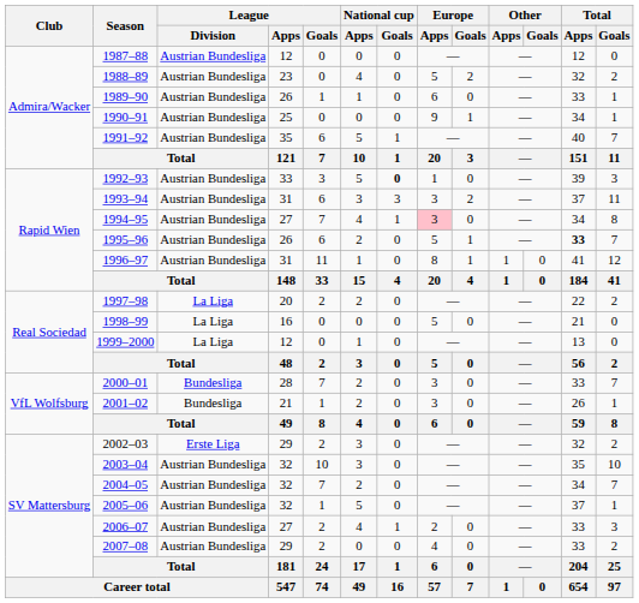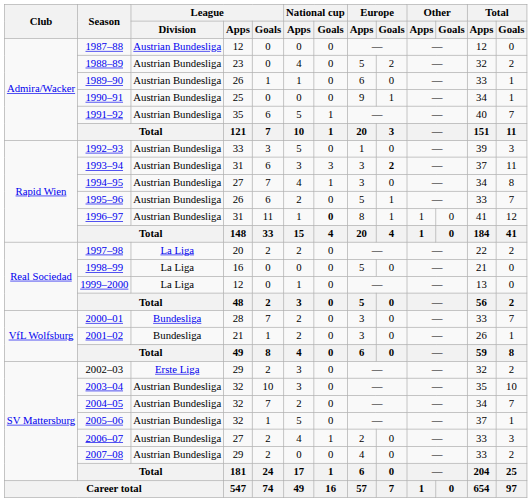 <table class="wikitable" style="text-align:center">
 <tr>
 <th rowspan="2">Club</th>
 <th rowspan="2">Season</th>
 <th colspan="3">League</th>
 <th colspan="2">National cup</th>
 <th colspan="2">Europe</th>
 <th colspan="2">Other</th>
 <th colspan="2">Total</th>
 </tr>
 <tr>
 <th>Division</th>
 <th>Apps</th>
 <th>Goals</th>
 <th>Apps</th>
 <th>Goals</th>
 <th>Apps</th>
 <th>Goals</th>
 <th>Apps</th>
 <th>Goals</th>
 <th>Apps</th>
 <th>Goals</th>
 </tr>
 <tr>
 <td rowspan="6"><a href='#'>Admira/Wacker</a></td>
 <td><a href='#'>1987–88</a></td>
 <td><a href='#'>Austrian Bundesliga</a></td>
 <td>12</td>
 <td>0</td>
 <td>0</td>
 <td>0</td>
 <td colspan="2">—</td>
 <td colspan="2">—</td>
 <td>12</td>
 <td>0</td>
 </tr>
 <tr>
 <td><a href='#'>1988–89</a></td>
 <td>Austrian Bundesliga</td>
 <td>23</td>
 <td>0</td>
 <td>4</td>
 <td>0</td>
 <td>5</td>
 <td>2</td>
 <td colspan="2">—</td>
 <td>32</td>
 <td>2</td>
 </tr>
 <tr>
 <td><a href='#'>1989–90</a></td>
 <td>Austrian Bundesliga</td>
 <td>26</td>
 <td>1</td>
 <td>1</td>
 <td>0</td>
 <td>6</td>
 <td>0</td>
 <td colspan="2">—</td>
 <td>33</td>
 <td>1</td>
 </tr>
 <tr>
 <td><a href='#'>1990–91</a></td>
 <td>Austrian Bundesliga</td>
 <td>25</td>
 <td>0</td>
 <td>0</td>
 <td>0</td>
 <td>9</td>
 <td>1</td>
 <td colspan="2">—</td>
 <td>34</td>
 <td>1</td>
 </tr>
 <tr>
 <td><a href='#'>1991–92</a></td>
 <td>Austrian Bundesliga</td>
 <td>35</td>
 <td>6</td>
 <td>5</td>
 <td>1</td>
 <td colspan="2">—</td>
 <td colspan="2">—</td>
 <td>40</td>
 <td>7</td>
 </tr>
 <tr>
 <th colspan="2">Total</th>
 <th>121</th>
 <th>7</th>
 <th>10</th>
 <th>1</th>
 <th>20</th>
 <th>3</th>
 <th colspan="2">—</th>
 <th>151</th>
 <th>11</th>
 </tr>
 <tr>
 <td rowspan="6"><a href='#'>Rapid Wien</a></td>
 <td><a href='#'>1992–93</a></td>
 <td>Austrian Bundesliga</td>
 <td>33</td>
 <td>3</td>
 <td>5</td>
-<td><strong>0</strong></td>
+<td>0</td>
 <td>1</td>
 <td>0</td>
 <td colspan="2">—</td>
 <td>39</td>
 <td>3</td>
 </tr>
 <tr>
 <td><a href='#'>1993–94</a></td>
 <td>Austrian Bundesliga</td>
 <td>31</td>
 <td>6</td>
 <td>3</td>
 <td>3</td>
 <td>3</td>
-<td>2</td>
+<td><strong>2</strong></td>
 <td colspan="2">—</td>
 <td>37</td>
 <td>11</td>
 </tr>
 <tr>
 <td><a href='#'>1994–95</a></td>
 <td>Austrian Bundesliga</td>
 <td>27</td>
 <td>7</td>
 <td>4</td>
 <td>1</td>
-<td style="background: pink;">3</td>
+<td>3</td>
 <td>0</td>
 <td colspan="2">—</td>
 <td>34</td>
 <td>8</td>
 </tr>
 <tr>
 <td><a href='#'>1995–96</a></td>
 <td>Austrian Bundesliga</td>
 <td>26</td>
 <td>6</td>
 <td>2</td>
 <td>0</td>
 <td>5</td>
 <td>1</td>
 <td colspan="2">—</td>
-<td><strong>33</strong></td>
+<td>33</td>
 <td>7</td>
 </tr>
 <tr>
 <td><a href='#'>1996–97</a></td>
 <td>Austrian Bundesliga</td>
 <td>31</td>
 <td>11</td>
 <td>1</td>
-<td>0</td>
+<td><strong>0</strong></td>
 <td>8</td>
 <td>1</td>
 <td>1</td>
 <td>0</td>
 <td>41</td>
 <td>12</td>
 </tr>
 <tr>
 <th colspan="2">Total</th>
 <th>148</th>
 <th>33</th>
 <th>15</th>
 <th>4</th>
 <th>20</th>
 <th>4</th>
 <th>1</th>
 <th>0</th>
 <th>184</th>
 <th>41</th>
 </tr>
 <tr>
 <td rowspan="4"><a href='#'>Real Sociedad</a></td>
 <td><a href='#'>1997–98</a></td>
 <td><a href='#'>La Liga</a></td>
 <td>20</td>
 <td>2</td>
 <td>2</td>
 <td>0</td>
 <td colspan="2">—</td>
 <td colspan="2">—</td>
 <td>22</td>
 <td>2</td>
 </tr>
 <tr>
 <td><a href='#'>1998–99</a></td>
 <td>La Liga</td>
 <td>16</td>
 <td>0</td>
 <td>0</td>
 <td>0</td>
 <td>5</td>
 <td>0</td>
 <td colspan="2">—</td>
 <td>21</td>
 <td>0</td>
 </tr>
 <tr>
 <td><a href='#'>1999–2000</a></td>
 <td>La Liga</td>
 <td>12</td>
 <td>0</td>
 <td>1</td>
 <td>0</td>
 <td colspan="2">—</td>
 <td colspan="2">—</td>
 <td>13</td>
 <td>0</td>
 </tr>
 <tr>
 <th colspan="2">Total</th>
 <th>48</th>
 <th>2</th>
 <th>3</th>
 <th>0</th>
 <th>5</th>
 <th>0</th>
 <th colspan="2">—</th>
 <th>56</th>
 <th>2</th>
 </tr>
 <tr>
 <td rowspan="3"><a href='#'>VfL Wolfsburg</a></td>
 <td><a href='#'>2000–01</a></td>
 <td><a href='#'>Bundesliga</a></td>
 <td>28</td>
 <td>7</td>
 <td>2</td>
 <td>0</td>
 <td>3</td>
 <td>0</td>
 <td colspan="2">—</td>
 <td>33</td>
 <td>7</td>
 </tr>
 <tr>
 <td><a href='#'>2001–02</a></td>
 <td>Bundesliga</td>
 <td>21</td>
 <td>1</td>
 <td>2</td>
 <td>0</td>
 <td>3</td>
 <td>0</td>
 <td colspan="2">—</td>
 <td>26</td>
 <td>1</td>
 </tr>
 <tr>
 <th colspan="2">Total</th>
 <th>49</th>
 <th>8</th>
 <th>4</th>
 <th>0</th>
 <th>6</th>
 <th>0</th>
 <th colspan="2">—</th>
 <th>59</th>
 <th>8</th>
 </tr>
 <tr>
 <td rowspan="7"><a href='#'>SV Mattersburg</a></td>
 <td>2002–03</td>
 <td><a href='#'>Erste Liga</a></td>
 <td>29</td>
 <td>2</td>
 <td>3</td>
 <td>0</td>
 <td colspan="2">—</td>
 <td colspan="2">—</td>
 <td>32</td>
 <td>2</td>
 </tr>
 <tr>
 <td><a href='#'>2003–04</a></td>
 <td>Austrian Bundesliga</td>
 <td>32</td>
 <td>10</td>
 <td>3</td>
 <td>0</td>
 <td colspan="2">—</td>
 <td colspan="2">—</td>
 <td>35</td>
 <td>10</td>
 </tr>
 <tr>
 <td><a href='#'>2004–05</a></td>
 <td>Austrian Bundesliga</td>
 <td>32</td>
 <td>7</td>
 <td>2</td>
 <td>0</td>
 <td colspan="2">—</td>
 <td colspan="2">—</td>
 <td>34</td>
 <td>7</td>
 </tr>
 <tr>
 <td><a href='#'>2005–06</a></td>
 <td>Austrian Bundesliga</td>
 <td>32</td>
 <td>1</td>
 <td>5</td>
 <td>0</td>
 <td colspan="2">—</td>
 <td colspan="2">—</td>
 <td>37</td>
 <td>1</td>
 </tr>
 <tr>
 <td><a href='#'>2006–07</a></td>
 <td>Austrian Bundesliga</td>
 <td>27</td>
 <td>2</td>
 <td>4</td>
 <td>1</td>
 <td>2</td>
 <td>0</td>
 <td colspan="2">—</td>
 <td>33</td>
 <td>3</td>
 </tr>
 <tr>
 <td><a href='#'>2007–08</a></td>
 <td>Austrian Bundesliga</td>
 <td>29</td>
 <td>2</td>
 <td>0</td>
 <td>0</td>
 <td>4</td>
 <td>0</td>
 <td colspan="2">—</td>
 <td>33</td>
 <td>2</td>
 </tr>
 <tr>
 <th colspan="2">Total</th>
 <th>181</th>
 <th>24</th>
 <th>17</th>
 <th>1</th>
 <th>6</th>
 <th>0</th>
 <th colspan="2">—</th>
 <th>204</th>
 <th>25</th>
 </tr>
 <tr>
 <th colspan="3">Career total</th>
 <th>547</th>
 <th>74</th>
 <th>49</th>
 <th>16</th>
 <th>57</th>
 <th>7</th>
 <th>1</th>
 <th>0</th>
 <th>654</th>
 <th>97</th>
 </tr>
 </table>
